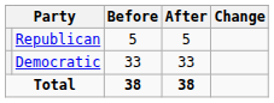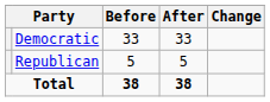 <table class="wikitable" style="text-align:center;">
 <tr>
 </tr>
 <tr>
 <th colspan=2>Party</th>
 <th>Before</th>
 <th>After</th>
 <th>Change</th>
 </tr>
 <tr>
 <th style="background-color:"></th>
-<td style="text-align:left;"><a href='#'>Republican</a></td>
-<td>5</td>
-<td>5</td>
+<td style="text-align:left;"><a href='#'>Democratic</a></td>
+<td>33</td>
+<td>33</td>
 <td></td>
 </tr>
 <tr>
 <th style="background-color:"></th>
-<td style="text-align:left;"><a href='#'>Democratic</a></td>
-<td>33</td>
-<td>33</td>
+<td style="text-align:left;"><a href='#'>Republican</a></td>
+<td>5</td>
+<td>5</td>
 <td></td>
 </tr>
 <tr>
 <td colspan=2><strong>Total</strong></td>
 <td><strong>38</strong></td>
 <td><strong>38</strong></td>
 <td></td>
 </tr>
 </table>
